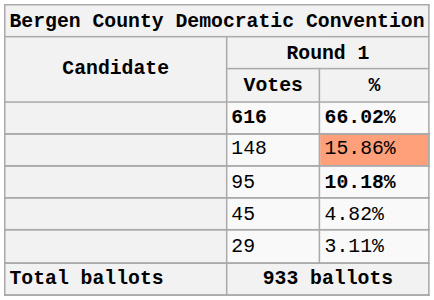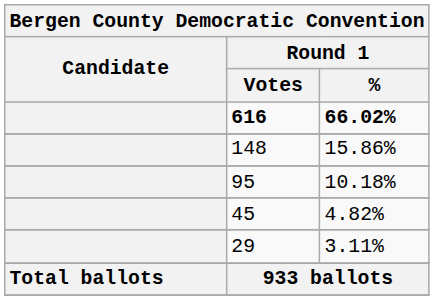 <table class="wikitable sortable">
 <tr>
 <th colspan=" 19 ">Bergen County Democratic Convention</th>
 </tr>
 <tr style="background:#eee; text-align:center;">
 <th rowspan=2 style="text-align:center;">Candidate</th>
 <th colspan=2 style="text-align:center;">Round 1</th>
 </tr>
 <tr>
 <th>Votes</th>
 <th>%</th>
 </tr>
 <tr>
 <th scope="row" style="text-align:left;"></th>
 <td><strong>616</strong></td>
 <td><strong>66.02%</strong></td>
 </tr>
 <tr>
 </tr>
 <tr>
 </tr>
 <tr>
 <th scope="row" style="text-align:left;"></th>
 <td>148</td>
-<td style="background: lightsalmon;">15.86%</td>
+<td>15.86%</td>
 </tr>
 <tr>
 </tr>
 <tr>
 </tr>
 <tr>
 <th scope="row" style="text-align:left;"></th>
 <td>95</td>
-<td><strong>10.18%</strong></td>
+<td>10.18%</td>
 </tr>
 <tr>
 </tr>
 <tr>
 </tr>
 <tr>
 <th scope="row" style="text-align:left;"></th>
 <td>45</td>
 <td>4.82%</td>
 </tr>
 <tr>
 </tr>
 <tr>
 </tr>
 <tr>
 <th scope="row" style="text-align:left;"></th>
 <td>29</td>
 <td>3.11%</td>
 </tr>
 <tr>
 </tr>
 <tr>
 <th scope="row" style="text-align:left;">Total ballots</th>
 <th colspan="2">933 ballots</th>
 </tr>
 <tr>
 </tr>
 </table>
